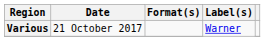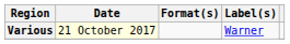 <table class="wikitable plainrowheaders">
 <tr>
 <th scope="col">Region</th>
 <th scope="col">Date</th>
 <th scope="col">Format(s)</th>
 <th scope="col">Label(s)</th>
 <th scope="col"></th>
 </tr>
 <tr>
 <th scope="row">Various</th>
-<td>21 October 2017</td>
+<td style="background: lightyellow;">21 October 2017</td>
 <td></td>
 <td rowspan="2"><a href='#'>Warner</a></td>
 <td></td>
 </tr>
 <tr>
 </tr>
 </table>
